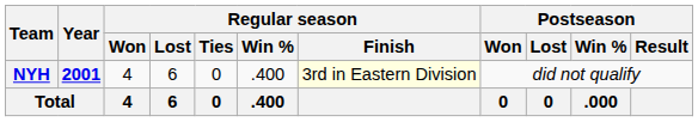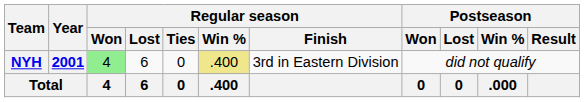 <table class="wikitable" style="font-size: 95%; text-align:center;">
 <tr>
 <th rowspan="2">Team</th>
 <th rowspan="2">Year</th>
 <th colspan="5">Regular season</th>
 <th colspan="4">Postseason</th>
 </tr>
 <tr>
 <th>Won</th>
 <th>Lost</th>
 <th>Ties</th>
 <th>Win %</th>
 <th>Finish</th>
 <th>Won</th>
 <th>Lost</th>
 <th>Win %</th>
 <th>Result</th>
 </tr>
 <tr>
 <th><a href='#'>NYH</a></th>
 <th><a href='#'>2001</a></th>
-<td>4</td>
+<td style="background: lightgreen;">4</td>
 <td>6</td>
 <td>0</td>
-<td>.400</td>
-<td style="background: lightyellow;">3rd in Eastern Division</td>
+<td style="background: khaki;">.400</td>
+<td>3rd in Eastern Division</td>
 <td colspan="4"><em>did not qualify</em></td>
 </tr>
 <tr>
 <th colspan="2">Total</th>
 <th>4</th>
 <th>6</th>
 <th>0</th>
 <th>.400</th>
 <th></th>
 <th>0</th>
 <th>0</th>
 <th>.000</th>
 <th></th>
 </tr>
 </table>
